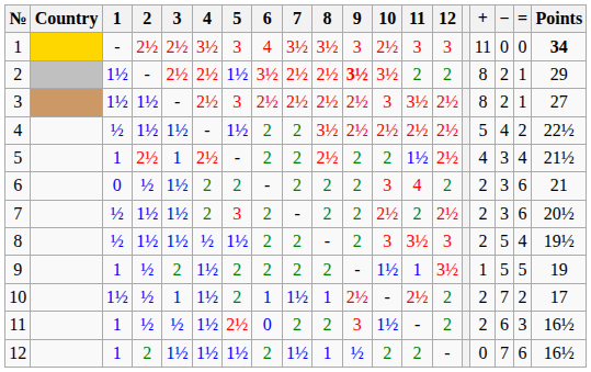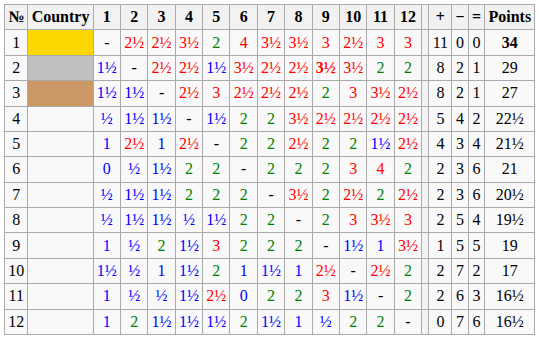 <table class="wikitable" style="text-align:center">
 <tr>
 <th>№</th>
 <th>Country</th>
 <th>1</th>
 <th>2</th>
 <th>3</th>
 <th>4</th>
 <th>5</th>
 <th>6</th>
 <th>7</th>
 <th>8</th>
 <th>9</th>
 <th>10</th>
 <th>11</th>
 <th>12</th>
 <th></th>
 <th>+</th>
 <th>−</th>
 <th>=</th>
 <th>Points</th>
 </tr>
 <tr>
 <td>1</td>
 <td align=left bgcolor="gold"></td>
 <td>-</td>
 <td style="color: red;">2½</td>
 <td style="color: red;">2½</td>
 <td style="color: red;">3½</td>
-<td style="color: red;">3</td>
+<td style="color: green">2</td>
 <td style="color: red;">4</td>
 <td style="color: red;">3½</td>
 <td style="color: red;">3½</td>
 <td style="color: red;">3</td>
 <td style="color: red;">2½</td>
 <td style="color: red;">3</td>
 <td style="color: red;">3</td>
 <th></th>
 <td>11</td>
 <td>0</td>
 <td>0</td>
 <td><strong>34</strong></td>
 </tr>
 <tr>
 <td>2</td>
 <td align=left bgcolor="silver"></td>
 <td style="color: blue;">1½</td>
 <td>-</td>
 <td style="color: red;">2½</td>
 <td style="color: red;">2½</td>
 <td style="color: blue;">1½</td>
 <td style="color: red;">3½</td>
 <td style="color: red;">2½</td>
 <td style="color: red;">2½</td>
 <td style="color: red;"><strong>3½</strong></td>
 <td style="color: red;">3½</td>
 <td style="color: green">2</td>
 <td style="color: green">2</td>
 <th></th>
 <td>8</td>
 <td>2</td>
 <td>1</td>
 <td>29</td>
 </tr>
 <tr>
 <td>3</td>
 <td align=left bgcolor="CC9966"></td>
 <td style="color: blue;">1½</td>
 <td style="color: blue;">1½</td>
 <td>-</td>
 <td style="color: red;">2½</td>
 <td style="color: red;">3</td>
 <td style="color: red;">2½</td>
 <td style="color: red;">2½</td>
 <td style="color: red;">2½</td>
-<td style="color: red;">2½</td>
+<td style="color: green">2</td>
 <td style="color: red;">3</td>
 <td style="color: red;">3½</td>
 <td style="color: red;">2½</td>
 <th></th>
 <td>8</td>
 <td>2</td>
 <td>1</td>
 <td>27</td>
 </tr>
 <tr>
 <td>4</td>
 <td style="text-align: left"></td>
 <td style="color: blue;">½</td>
 <td style="color: blue;">1½</td>
 <td style="color: blue;">1½</td>
 <td>-</td>
 <td style="color: blue;">1½</td>
 <td style="color: green">2</td>
 <td style="color: green">2</td>
 <td style="color: red;">3½</td>
 <td style="color: red;">2½</td>
 <td style="color: red;">2½</td>
 <td style="color: red;">2½</td>
 <td style="color: red;">2½</td>
 <th></th>
 <td>5</td>
 <td>4</td>
 <td>2</td>
 <td>22½</td>
 </tr>
 <tr>
 <td>5</td>
 <td style="text-align: left"></td>
 <td style="color: blue;">1</td>
 <td style="color: red;">2½</td>
 <td style="color: blue;">1</td>
 <td style="color: red;">2½</td>
 <td>-</td>
 <td style="color: green">2</td>
 <td style="color: green">2</td>
 <td style="color: red;">2½</td>
 <td style="color: green">2</td>
 <td style="color: green">2</td>
 <td style="color: blue;">1½</td>
 <td style="color: red;">2½</td>
 <th></th>
 <td>4</td>
 <td>3</td>
 <td>4</td>
 <td>21½</td>
 </tr>
 <tr>
 <td>6</td>
 <td style="text-align: left"></td>
 <td style="color: blue;">0</td>
 <td style="color: blue;">½</td>
 <td style="color: blue;">1½</td>
 <td style="color: green">2</td>
 <td style="color: green">2</td>
 <td>-</td>
 <td style="color: green">2</td>
 <td style="color: green">2</td>
 <td style="color: green">2</td>
 <td style="color: red;">3</td>
 <td style="color: red;">4</td>
 <td style="color: green">2</td>
 <th></th>
 <td>2</td>
 <td>3</td>
 <td>6</td>
 <td>21</td>
 </tr>
 <tr>
 <td>7</td>
 <td style="text-align: left"></td>
 <td style="color: blue;">½</td>
 <td style="color: blue;">1½</td>
 <td style="color: blue;">1½</td>
 <td style="color: green">2</td>
-<td style="color: red;">3</td>
+<td style="color: green">2</td>
 <td style="color: green">2</td>
 <td>-</td>
-<td style="color: green">2</td>
+<td style="color: red;">3½</td>
 <td style="color: green">2</td>
 <td style="color: red;">2½</td>
 <td style="color: green">2</td>
 <td style="color: red;">2½</td>
 <th></th>
 <td>2</td>
 <td>3</td>
 <td>6</td>
 <td>20½</td>
 </tr>
 <tr>
 <td>8</td>
 <td style="text-align: left"></td>
 <td style="color: blue;">½</td>
 <td style="color: blue;">1½</td>
 <td style="color: blue;">1½</td>
 <td style="color: blue;">½</td>
 <td style="color: blue;">1½</td>
 <td style="color: green">2</td>
 <td style="color: green">2</td>
 <td>-</td>
 <td style="color: green">2</td>
 <td style="color: red;">3</td>
 <td style="color: red;">3½</td>
 <td style="color: red;">3</td>
 <th></th>
 <td>2</td>
 <td>5</td>
 <td>4</td>
 <td>19½</td>
 </tr>
 <tr>
 <td>9</td>
 <td style="text-align: left"></td>
 <td style="color: blue;">1</td>
 <td style="color: blue;">½</td>
 <td style="color: green">2</td>
 <td style="color: blue;">1½</td>
-<td style="color: green">2</td>
+<td style="color: red;">3</td>
 <td style="color: green">2</td>
 <td style="color: green">2</td>
 <td style="color: green">2</td>
 <td>-</td>
 <td style="color: blue;">1½</td>
 <td style="color: blue;">1</td>
 <td style="color: red;">3½</td>
 <th></th>
 <td>1</td>
 <td>5</td>
 <td>5</td>
 <td>19</td>
 </tr>
 <tr>
 <td>10</td>
 <td style="text-align: left"></td>
 <td style="color: blue;">1½</td>
 <td style="color: blue;">½</td>
 <td style="color: blue;">1</td>
 <td style="color: blue;">1½</td>
 <td style="color: green">2</td>
 <td style="color: blue;">1</td>
 <td style="color: blue;">1½</td>
 <td style="color: blue;">1</td>
 <td style="color: red;">2½</td>
 <td>-</td>
 <td style="color: red;">2½</td>
 <td style="color: green">2</td>
 <th></th>
 <td>2</td>
 <td>7</td>
 <td>2</td>
 <td>17</td>
 </tr>
 <tr>
 <td>11</td>
 <td style="text-align: left"></td>
 <td style="color: blue;">1</td>
 <td style="color: blue;">½</td>
 <td style="color: blue;">½</td>
 <td style="color: blue;">1½</td>
 <td style="color: red;">2½</td>
 <td style="color: blue;">0</td>
 <td style="color: green">2</td>
 <td style="color: green">2</td>
 <td style="color: red;">3</td>
 <td style="color: blue;">1½</td>
 <td>-</td>
 <td style="color: green">2</td>
 <th></th>
 <td>2</td>
 <td>6</td>
 <td>3</td>
 <td>16½</td>
 </tr>
 <tr>
 <td>12</td>
 <td style="text-align: left"></td>
 <td style="color: blue;">1</td>
 <td style="color: green">2</td>
 <td style="color: blue;">1½</td>
 <td style="color: blue;">1½</td>
 <td style="color: blue;">1½</td>
 <td style="color: green">2</td>
 <td style="color: blue;">1½</td>
 <td style="color: blue;">1</td>
 <td style="color: blue;">½</td>
 <td style="color: green">2</td>
 <td style="color: green">2</td>
 <td>-</td>
 <th></th>
 <td>0</td>
 <td>7</td>
 <td>6</td>
 <td>16½</td>
 </tr>
 </table>
